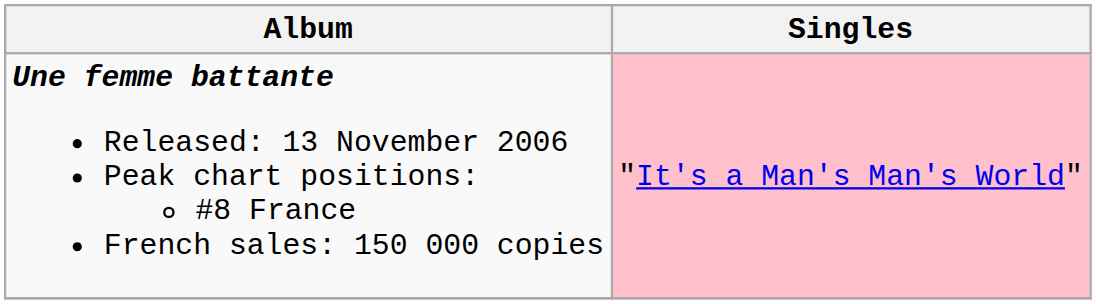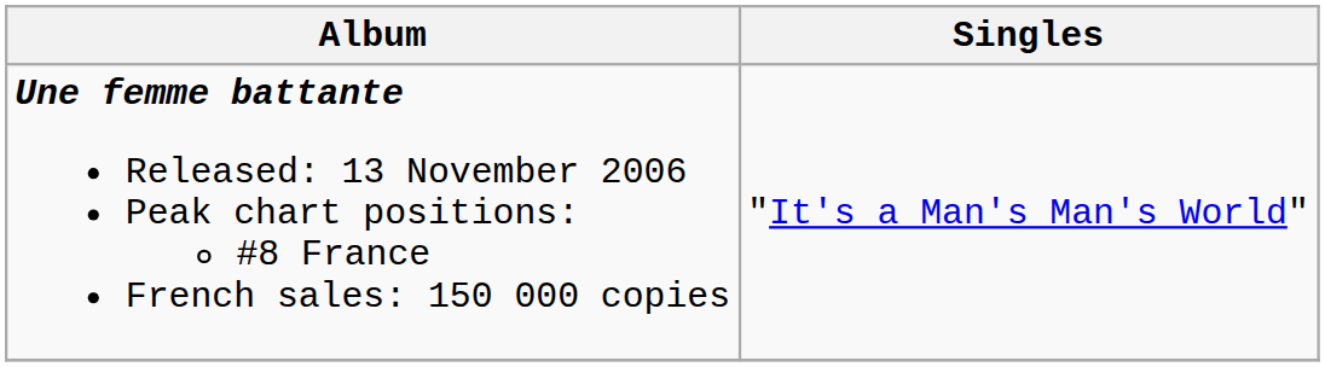 <table class="wikitable">
 <tr>
 <th>Album</th>
 <th>Singles</th>
 </tr>
 <tr>
 <td><strong><em>Une femme battante</em></strong><br><ul><li>Released: 13 November 2006</li><li>Peak chart positions:<ul><li>#8 France</li></ul></li><li>French sales: 150 000 copies</li></ul></td>
-<td style="background: pink;">"<a href='#'>It's a Man's Man's World</a>"</td>
+<td>"<a href='#'>It's a Man's Man's World</a>"</td>
 </tr>
 <tr>
 </tr>
 </table>
